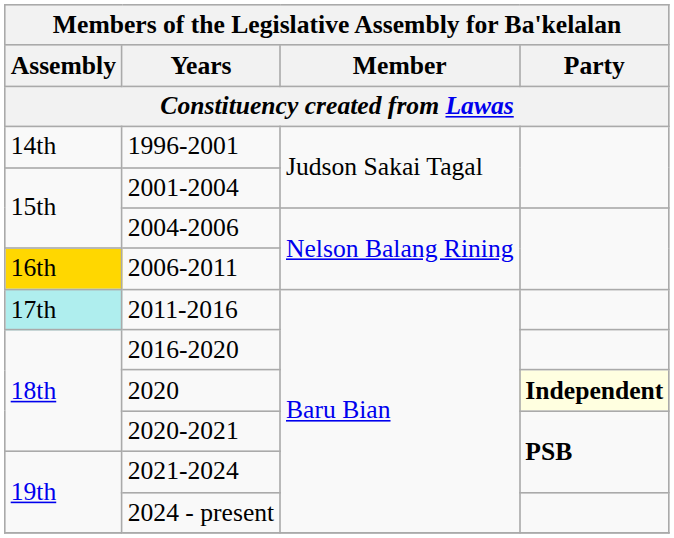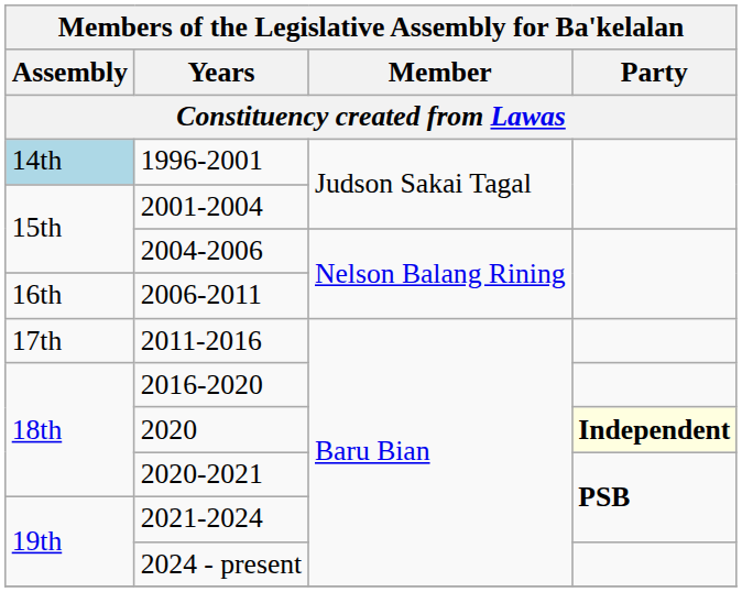 <table class=wikitable>
 <tr>
 <th colspan="4">Members of the Legislative Assembly for Ba'kelalan</th>
 </tr>
 <tr>
 <th>Assembly</th>
 <th>Years</th>
 <th>Member</th>
 <th>Party</th>
 </tr>
 <tr>
 <th colspan=4 align=center><em>Constituency created from <a href='#'>Lawas</a></em></th>
 </tr>
 <tr>
-<td>14th</td>
+<td style="background: lightblue;">14th</td>
 <td>1996-2001</td>
 <td rowspan=2>Judson Sakai Tagal</td>
 <td rowspan="2" bgcolor=></td>
 </tr>
 <tr>
 <td rowspan=2>15th</td>
 <td>2001-2004</td>
 </tr>
 <tr>
 <td>2004-2006</td>
 <td rowspan=2><a href='#'>Nelson Balang Rining</a></td>
 <td rowspan="2" bgcolor=></td>
 </tr>
 <tr>
-<td style="background: gold;">16th</td>
+<td>16th</td>
 <td>2006-2011</td>
 </tr>
 <tr>
-<td style="background: paleturquoise;">17th</td>
+<td>17th</td>
 <td>2011-2016</td>
 <td rowspan="6"><a href='#'>Baru Bian</a></td>
 <td></td>
 </tr>
 <tr>
 <td rowspan="3"><a href='#'>18th</a></td>
 <td>2016-2020</td>
 <td></td>
 </tr>
 <tr>
 <td>2020</td>
 <td style="background: lightyellow;"><strong>Independent</strong></td>
 </tr>
 <tr>
 <td>2020-2021</td>
 <td rowspan="2"><strong>PSB</strong></td>
 </tr>
 <tr>
 <td rowspan="2"><a href='#'>19th</a></td>
 <td>2021-2024</td>
 </tr>
 <tr>
 <td>2024 - present</td>
 <td rowspan="1" bgcolor=></td>
 </tr>
 <tr>
 </tr>
 </table>
